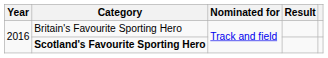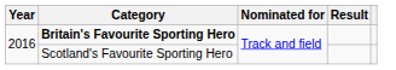 <table class="wikitable plainrowheaders">
 <tr>
 <th scope="col">Year</th>
 <th scope="col">Category</th>
 <th scope="col">Nominated for</th>
 <th scope="col">Result</th>
 <th scope="col"></th>
 </tr>
 <tr>
 <td rowspan = "2" align="center">2016</td>
-<td>Britain's Favourite Sporting Hero</td>
+<td><strong>Britain's Favourite Sporting Hero</strong></td>
 <td rowspan = "2"><a href='#'>Track and field</a></td>
 <td></td>
 <td></td>
 </tr>
 <tr>
-<td><strong>Scotland's Favourite Sporting Hero</strong></td>
+<td>Scotland's Favourite Sporting Hero</td>
 <td></td>
 <td></td>
 </tr>
 </table>
